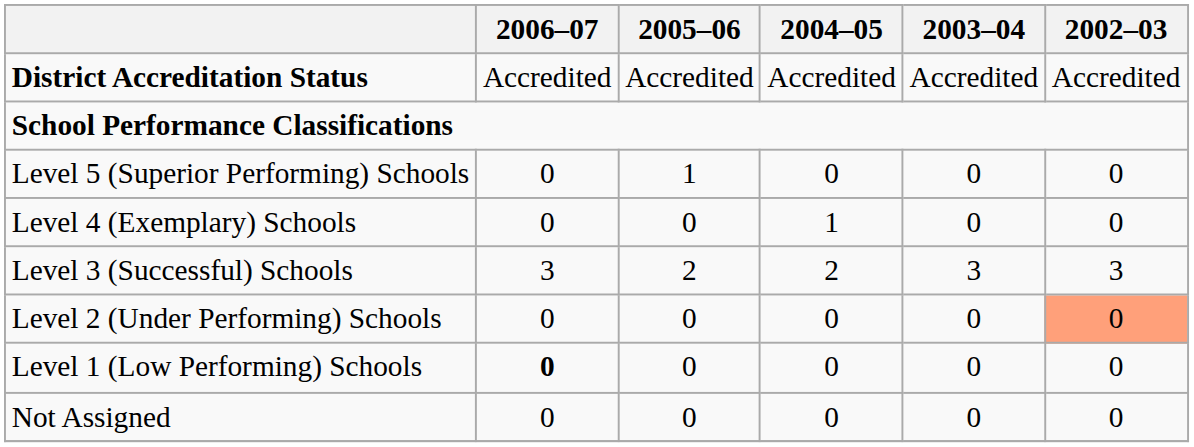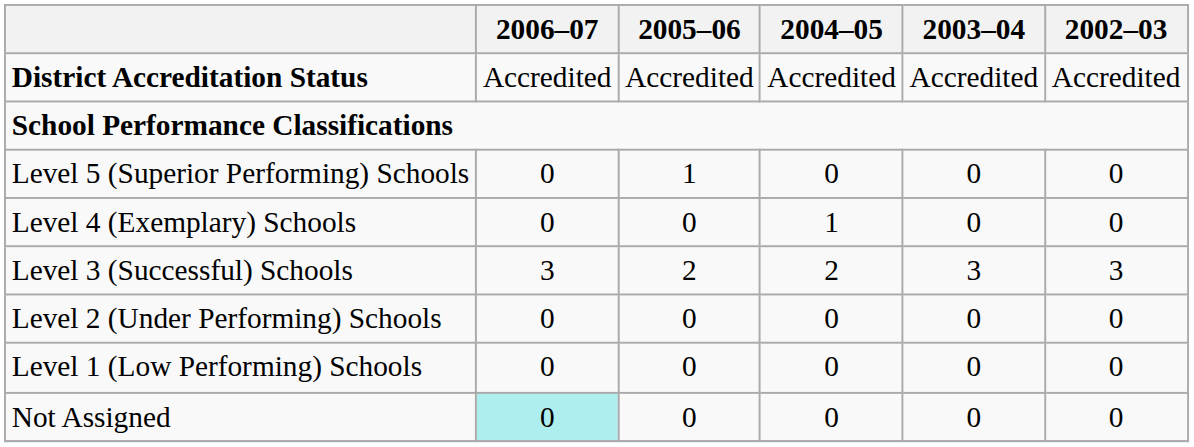 <table class="wikitable" style="font-size: 95%;">
 <tr>
 <th></th>
 <th>2006–07</th>
 <th>2005–06</th>
 <th>2004–05</th>
 <th>2003–04</th>
 <th>2002–03</th>
 </tr>
 <tr>
 <td align="left"><strong>District Accreditation Status</strong></td>
 <td align="center">Accredited</td>
 <td align="center">Accredited</td>
 <td align="center">Accredited</td>
 <td align="center">Accredited</td>
 <td align="center">Accredited</td>
 </tr>
 <tr>
 <td align="left" colspan="6"><strong>School Performance Classifications</strong></td>
 </tr>
 <tr>
 <td align="left">Level 5 (Superior Performing) Schools</td>
 <td align="center">0</td>
 <td align="center">1</td>
 <td align="center">0</td>
 <td align="center">0</td>
 <td align="center">0</td>
 </tr>
 <tr>
 <td align="left">Level 4 (Exemplary) Schools</td>
 <td align="center">0</td>
 <td align="center">0</td>
 <td align="center">1</td>
 <td align="center">0</td>
 <td align="center">0</td>
 </tr>
 <tr>
 <td align="left">Level 3 (Successful) Schools</td>
 <td align="center">3</td>
 <td align="center">2</td>
 <td align="center">2</td>
 <td align="center">3</td>
 <td align="center">3</td>
 </tr>
 <tr>
 <td align="left">Level 2 (Under Performing) Schools</td>
 <td align="center">0</td>
 <td align="center">0</td>
 <td align="center">0</td>
 <td align="center">0</td>
-<td align="center" style="background: lightsalmon;">0</td>
+<td align="center">0</td>
 </tr>
 <tr>
 <td align="left">Level 1 (Low Performing) Schools</td>
-<td align="center"><strong>0</strong></td>
+<td align="center">0</td>
 <td align="center">0</td>
 <td align="center">0</td>
 <td align="center">0</td>
 <td align="center">0</td>
 </tr>
 <tr>
 <td align="left">Not Assigned</td>
-<td align="center">0</td>
+<td align="center" style="background: paleturquoise;">0</td>
 <td align="center">0</td>
 <td align="center">0</td>
 <td align="center">0</td>
 <td align="center">0</td>
 </tr>
 <tr>
 </tr>
 </table>
